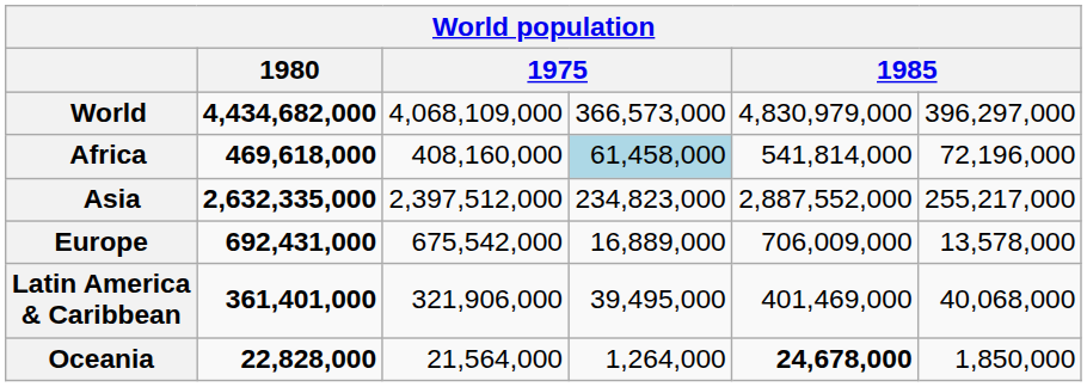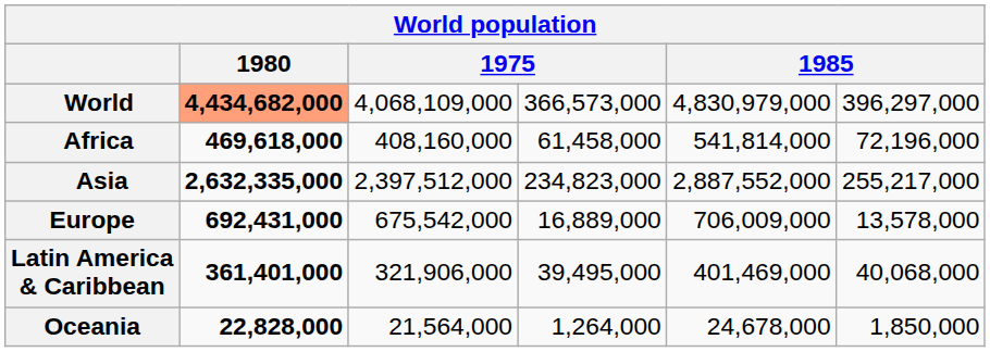 <table class="wikitable">
 <tr>
 <th colspan="7"><a href='#'>World population</a></th>
 </tr>
 <tr>
 <th></th>
 <th>1980</th>
 <th colspan="2"><a href='#'>1975</a></th>
 <th colspan="2"><a href='#'>1985</a></th>
 </tr>
 <tr>
 <th>   World</th>
-<td align="right"><strong>4,434,682,000</strong></td>
+<td align="right" style="background: lightsalmon;"><strong>4,434,682,000</strong></td>
 <td align="right">4,068,109,000</td>
 <td align="right"> 366,573,000</td>
 <td align="right">4,830,979,000</td>
 <td align="right"> 396,297,000</td>
 </tr>
 <tr>
 <th>   Africa</th>
 <td align="right"><strong>469,618,000</strong></td>
 <td align="right">408,160,000</td>
-<td align="right" style="background: lightblue;"> 61,458,000</td>
+<td align="right"> 61,458,000</td>
 <td align="right">541,814,000</td>
 <td align="right"> 72,196,000</td>
 </tr>
 <tr>
 <th>    Asia</th>
 <td align="right"><strong>2,632,335,000</strong></td>
 <td align="right">2,397,512,000</td>
 <td align="right"> 234,823,000</td>
 <td align="right">2,887,552,000</td>
 <td align="right"> 255,217,000</td>
 </tr>
 <tr>
 <th> Europe</th>
 <td align="right"><strong>692,431,000</strong></td>
 <td align="right">675,542,000</td>
 <td align="right"> 16,889,000</td>
 <td align="right">706,009,000</td>
 <td align="right"> 13,578,000</td>
 </tr>
 <tr>
 <th> <span>Latin America<br>& Caribbean</span></th>
 <td align="right"><strong>361,401,000</strong></td>
 <td align="right">321,906,000</td>
 <td align="right"> 39,495,000</td>
 <td align="right">401,469,000</td>
 <td align="right"> 40,068,000</td>
 </tr>
 <tr>
 <th> Oceania</th>
 <td align="right"><strong>22,828,000</strong></td>
 <td align="right">21,564,000</td>
 <td align="right"> 1,264,000</td>
-<td align="right"><strong>24,678,000</strong></td>
+<td align="right">24,678,000</td>
 <td align="right"> 1,850,000</td>
 </tr>
 </table>
